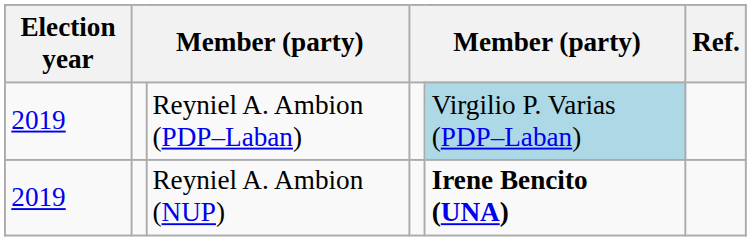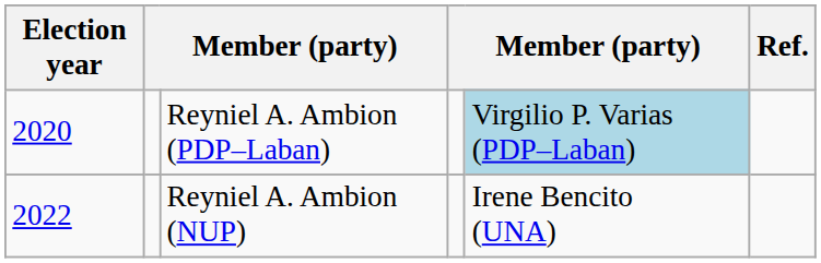 <table class="wikitable" style="font-size:90%">
 <tr>
 <th width="60px">Election<br>year</th>
 <th colspan="2" width="140px">Member (party)</th>
 <th colspan="2" width="140px">Member (party)</th>
 <th>Ref.</th>
 </tr>
 <tr>
-<td><a href='#'>2019</a></td>
+<td><a href='#'>2020</a></td>
 <td></td>
 <td>Reyniel A. Ambion<br>(<a href='#'>PDP–Laban</a>)</td>
 <td></td>
 <td style="background: lightblue;">Virgilio P. Varias<br>(<a href='#'>PDP–Laban</a>)</td>
 <td></td>
 </tr>
 <tr>
-<td><a href='#'>2019</a></td>
+<td><a href='#'>2022</a></td>
 <td></td>
 <td>Reyniel A. Ambion<br>(<a href='#'>NUP</a>)</td>
 <td></td>
-<td><strong>Irene Bencito<br>(<a href='#'>UNA</a>)</strong></td>
+<td>Irene Bencito<br>(<a href='#'>UNA</a>)</td>
 <td></td>
 </tr>
 </table>
